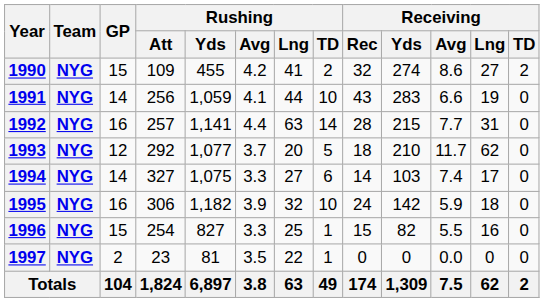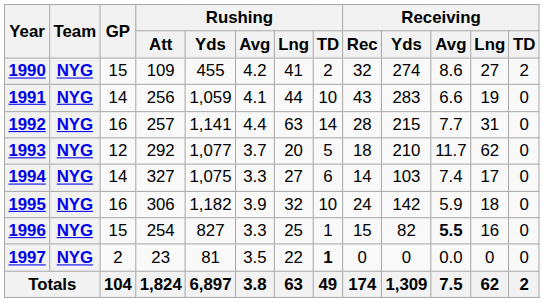 <table class=wikitable style="text-align:center">
 <tr>
 <th rowspan="2">Year</th>
 <th rowspan="2">Team</th>
 <th rowspan="2">GP</th>
 <th colspan="5">Rushing</th>
 <th colspan="5">Receiving</th>
 </tr>
 <tr>
 <th>Att</th>
 <th>Yds</th>
 <th>Avg</th>
 <th>Lng</th>
 <th>TD</th>
 <th>Rec</th>
 <th>Yds</th>
 <th>Avg</th>
 <th>Lng</th>
 <th>TD</th>
 </tr>
 <tr>
 <th><a href='#'>1990</a></th>
 <th><a href='#'>NYG</a></th>
 <td>15</td>
 <td>109</td>
 <td>455</td>
 <td>4.2</td>
 <td>41</td>
 <td>2</td>
 <td>32</td>
 <td>274</td>
 <td>8.6</td>
 <td>27</td>
 <td>2</td>
 </tr>
 <tr>
 <th><a href='#'>1991</a></th>
 <th><a href='#'>NYG</a></th>
 <td>14</td>
 <td>256</td>
 <td>1,059</td>
 <td>4.1</td>
 <td>44</td>
 <td>10</td>
 <td>43</td>
 <td>283</td>
 <td>6.6</td>
 <td>19</td>
 <td>0</td>
 </tr>
 <tr>
 <th><a href='#'>1992</a></th>
 <th><a href='#'>NYG</a></th>
 <td>16</td>
 <td>257</td>
 <td>1,141</td>
 <td>4.4</td>
 <td>63</td>
 <td>14</td>
 <td>28</td>
 <td>215</td>
 <td>7.7</td>
 <td>31</td>
 <td>0</td>
 </tr>
 <tr>
 <th><a href='#'>1993</a></th>
 <th><a href='#'>NYG</a></th>
 <td>12</td>
 <td>292</td>
 <td>1,077</td>
 <td>3.7</td>
 <td>20</td>
 <td>5</td>
 <td>18</td>
 <td>210</td>
 <td>11.7</td>
 <td>62</td>
 <td>0</td>
 </tr>
 <tr>
 <th><a href='#'>1994</a></th>
 <th><a href='#'>NYG</a></th>
 <td>14</td>
 <td>327</td>
 <td>1,075</td>
 <td>3.3</td>
 <td>27</td>
 <td>6</td>
 <td>14</td>
 <td>103</td>
 <td>7.4</td>
 <td>17</td>
 <td>0</td>
 </tr>
 <tr>
 <th><a href='#'>1995</a></th>
 <th><a href='#'>NYG</a></th>
 <td>16</td>
 <td>306</td>
 <td>1,182</td>
 <td>3.9</td>
 <td>32</td>
 <td>10</td>
 <td>24</td>
 <td>142</td>
 <td>5.9</td>
 <td>18</td>
 <td>0</td>
 </tr>
 <tr>
 <th><a href='#'>1996</a></th>
 <th><a href='#'>NYG</a></th>
 <td>15</td>
 <td>254</td>
 <td>827</td>
 <td>3.3</td>
 <td>25</td>
 <td>1</td>
 <td>15</td>
 <td>82</td>
-<td>5.5</td>
+<td><strong>5.5</strong></td>
 <td>16</td>
 <td>0</td>
 </tr>
 <tr>
 <th><a href='#'>1997</a></th>
 <th><a href='#'>NYG</a></th>
 <td>2</td>
 <td>23</td>
 <td>81</td>
 <td>3.5</td>
 <td>22</td>
-<td>1</td>
+<td><strong>1</strong></td>
 <td>0</td>
 <td>0</td>
 <td>0.0</td>
 <td>0</td>
 <td>0</td>
 </tr>
 <tr>
 <th colspan="2">Totals</th>
 <th>104</th>
 <th>1,824</th>
 <th>6,897</th>
 <th>3.8</th>
 <th>63</th>
 <th>49</th>
 <th>174</th>
 <th>1,309</th>
 <th>7.5</th>
 <th>62</th>
 <th>2</th>
 </tr>
 </table>
